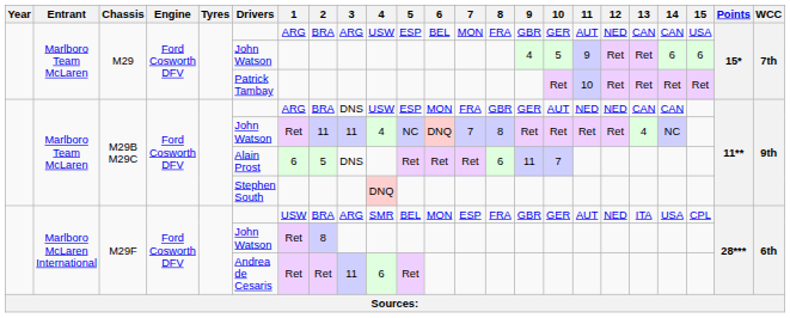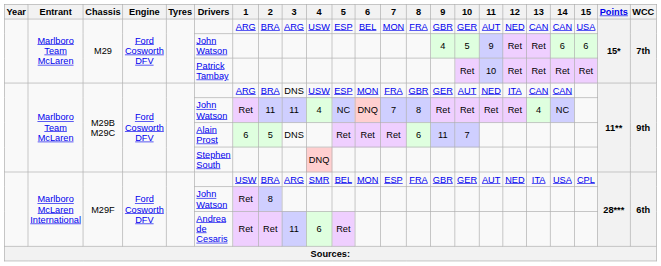 <table class="wikitable" style="text-align:center; font-size:90%">
 <tr>
 <th>Year</th>
 <th>Entrant</th>
 <th>Chassis</th>
 <th>Engine</th>
 <th>Tyres</th>
 <th>Drivers</th>
 <th>1</th>
 <th>2</th>
 <th>3</th>
 <th>4</th>
 <th>5</th>
 <th>6</th>
 <th>7</th>
 <th>8</th>
 <th>9</th>
 <th>10</th>
 <th>11</th>
 <th>12</th>
 <th>13</th>
 <th>14</th>
 <th>15</th>
 <th><a href='#'>Points</a></th>
 <th>WCC</th>
 </tr>
 <tr>
 <td rowspan="3"></td>
 <td rowspan="3"><a href='#'>Marlboro</a> <a href='#'>Team McLaren</a></td>
 <td rowspan="3">M29</td>
 <td rowspan="3"><a href='#'>Ford</a> <a href='#'>Cosworth DFV</a></td>
 <td rowspan="3"></td>
 <td></td>
 <td><a href='#'>ARG</a></td>
 <td><a href='#'>BRA</a></td>
 <td><a href='#'>ARG</a></td>
 <td><a href='#'>USW</a></td>
 <td><a href='#'>ESP</a></td>
 <td><a href='#'>BEL</a></td>
 <td><a href='#'>MON</a></td>
 <td><a href='#'>FRA</a></td>
 <td><a href='#'>GBR</a></td>
 <td><a href='#'>GER</a></td>
 <td><a href='#'>AUT</a></td>
 <td><a href='#'>NED</a></td>
 <td><a href='#'>CAN</a></td>
 <td><a href='#'>CAN</a></td>
 <td><a href='#'>USA</a></td>
 <th rowspan="3">15*</th>
 <th rowspan="3">7th</th>
 </tr>
 <tr>
 <td align="left"><a href='#'>John Watson</a></td>
 <td></td>
 <td></td>
 <td></td>
 <td></td>
 <td></td>
 <td></td>
 <td></td>
 <td></td>
 <td style="background:#dfffdf;">4</td>
 <td style="background:#dfffdf;">5</td>
 <td style="background:#cfcfff;">9</td>
 <td style="background:#efcfff;">Ret</td>
 <td style="background:#efcfff;">Ret</td>
 <td style="background:#dfffdf;">6</td>
 <td style="background:#dfffdf;">6</td>
 </tr>
 <tr>
 <td align="left"><a href='#'>Patrick Tambay</a></td>
 <td></td>
 <td></td>
 <td></td>
 <td></td>
 <td></td>
 <td></td>
 <td></td>
 <td></td>
 <td></td>
 <td style="background:#efcfff;">Ret</td>
 <td style="background:#cfcfff;">10</td>
 <td style="background:#efcfff;">Ret</td>
 <td style="background:#efcfff;">Ret</td>
 <td style="background:#efcfff;">Ret</td>
 <td style="background:#efcfff;">Ret</td>
 </tr>
 <tr>
 <td rowspan="4"></td>
 <td rowspan="4"><a href='#'>Marlboro</a> <a href='#'>Team McLaren</a></td>
 <td rowspan="4">M29B<br>M29C</td>
 <td rowspan="4"><a href='#'>Ford</a> <a href='#'>Cosworth DFV</a></td>
 <td rowspan="4"></td>
 <td></td>
 <td><a href='#'>ARG</a></td>
 <td><a href='#'>BRA</a></td>
 <td>DNS</td>
 <td><a href='#'>USW</a></td>
 <td><a href='#'>ESP</a></td>
 <td><a href='#'>MON</a></td>
 <td><a href='#'>FRA</a></td>
 <td><a href='#'>GBR</a></td>
 <td><a href='#'>GER</a></td>
 <td><a href='#'>AUT</a></td>
 <td><a href='#'>NED</a></td>
-<td><a href='#'>NED</a></td>
+<td><a href='#'>ITA</a></td>
 <td><a href='#'>CAN</a></td>
 <td><a href='#'>CAN</a></td>
 <td></td>
 <th rowspan="4">11**</th>
 <th rowspan="4">9th</th>
 </tr>
 <tr>
 <td align="left"><a href='#'>John Watson</a></td>
 <td style="background:#efcfff;">Ret</td>
 <td style="background:#cfcfff;">11</td>
 <td style="background:#cfcfff;">11</td>
 <td style="background:#dfffdf;">4</td>
 <td style="background:#cfcfff;">NC</td>
 <td style="background:#ffcfcf;">DNQ</td>
 <td style="background:#cfcfff;">7</td>
 <td style="background:#cfcfff;">8</td>
 <td style="background:#efcfff;">Ret</td>
 <td style="background:#efcfff;">Ret</td>
 <td style="background:#efcfff;">Ret</td>
 <td style="background:#efcfff;">Ret</td>
 <td style="background:#dfffdf;">4</td>
 <td style="background:#cfcfff;">NC</td>
 <td></td>
 </tr>
 <tr>
 <td align="left"><a href='#'>Alain Prost</a></td>
 <td style="background:#dfffdf;">6</td>
 <td style="background:#dfffdf;">5</td>
 <td>DNS</td>
 <td></td>
 <td style="background:#efcfff;">Ret</td>
 <td style="background:#efcfff;">Ret</td>
 <td style="background:#efcfff;">Ret</td>
 <td style="background:#dfffdf;">6</td>
 <td style="background:#cfcfff;">11</td>
 <td style="background:#cfcfff;">7</td>
 <td></td>
 <td></td>
 <td></td>
 <td></td>
 <td></td>
 </tr>
 <tr>
 <td align="left"><a href='#'>Stephen South</a></td>
 <td></td>
 <td></td>
 <td></td>
 <td style="background:#ffcfcf;">DNQ</td>
 <td></td>
 <td></td>
 <td></td>
 <td></td>
 <td></td>
 <td></td>
 <td></td>
 <td></td>
 <td></td>
 <td></td>
 <td></td>
 </tr>
 <tr>
 <td rowspan="3"></td>
 <td rowspan="3"><a href='#'>Marlboro</a> <a href='#'>McLaren International</a></td>
 <td rowspan="3">M29F</td>
 <td rowspan="3"><a href='#'>Ford</a> <a href='#'>Cosworth DFV</a></td>
 <td rowspan="3"></td>
 <td></td>
 <td><a href='#'>USW</a></td>
 <td><a href='#'>BRA</a></td>
 <td><a href='#'>ARG</a></td>
 <td><a href='#'>SMR</a></td>
 <td><a href='#'>BEL</a></td>
 <td><a href='#'>MON</a></td>
 <td><a href='#'>ESP</a></td>
 <td><a href='#'>FRA</a></td>
 <td><a href='#'>GBR</a></td>
 <td><a href='#'>GER</a></td>
 <td><a href='#'>AUT</a></td>
 <td><a href='#'>NED</a></td>
 <td><a href='#'>ITA</a></td>
 <td><a href='#'>USA</a></td>
 <td><a href='#'>CPL</a></td>
 <th rowspan="3">28***</th>
 <th rowspan="3">6th</th>
 </tr>
 <tr>
 <td align="left"><a href='#'>John Watson</a></td>
 <td style="background:#efcfff;">Ret</td>
 <td style="background:#cfcfff;">8</td>
 <td></td>
 <td></td>
 <td></td>
 <td></td>
 <td></td>
 <td></td>
 <td></td>
 <td></td>
 <td></td>
 <td></td>
 <td></td>
 <td></td>
 <td></td>
 </tr>
 <tr>
 <td align="left"><a href='#'>Andrea de Cesaris</a></td>
 <td style="background:#efcfff;">Ret</td>
 <td style="background:#efcfff;">Ret</td>
 <td style="background:#cfcfff;">11</td>
 <td style="background:#dfffdf;">6</td>
 <td style="background:#efcfff;">Ret</td>
 <td></td>
 <td></td>
 <td></td>
 <td></td>
 <td></td>
 <td></td>
 <td></td>
 <td></td>
 <td></td>
 <td></td>
 </tr>
 <tr>
 <th colspan="23">Sources:</th>
 </tr>
 </table>
